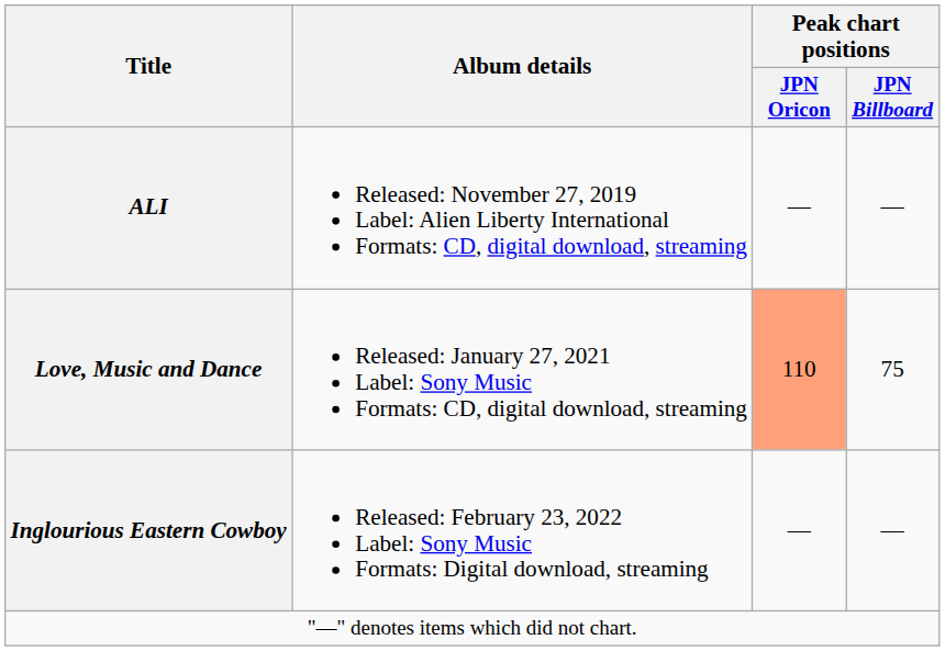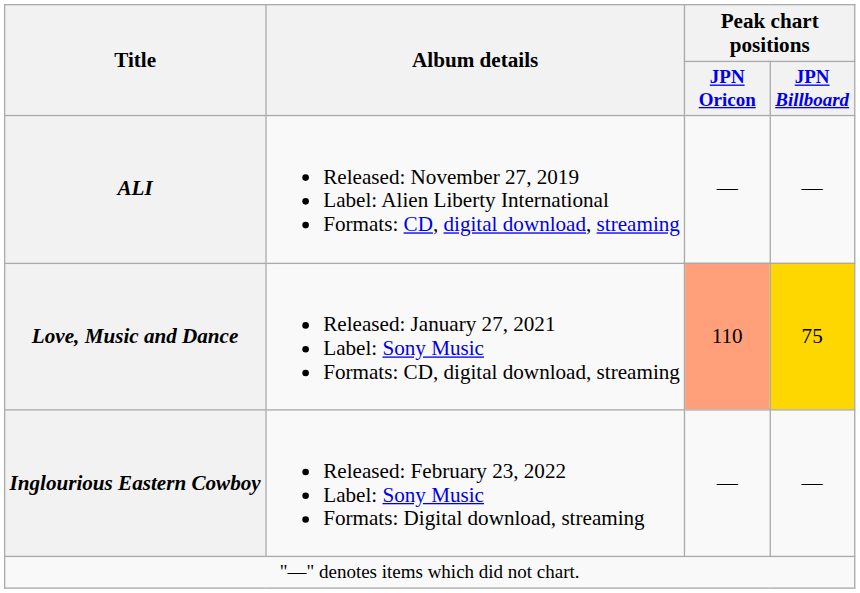 <table class="wikitable plainrowheaders">
 <tr>
 <th scope="col" rowspan="2">Title</th>
 <th scope="col" rowspan="2">Album details</th>
 <th scope="col" colspan="2">Peak chart positions</th>
 </tr>
 <tr>
 <th scope="col" style="width:4em;font-size:90%"><a href='#'>JPN<br>Oricon</a><br></th>
 <th scope="col" style="width:4em;font-size:90%"><a href='#'>JPN<br><em>Billboard</em></a><br></th>
 </tr>
 <tr>
 <th scope="row"><em>ALI</em></th>
 <td><br><ul><li>Released: November 27, 2019</li><li>Label: Alien Liberty International</li><li>Formats: <a href='#'>CD</a>, <a href='#'>digital download</a>, <a href='#'>streaming</a></li></ul></td>
 <td align="center">—</td>
 <td align="center">—</td>
 </tr>
 <tr>
 <th scope="row"><em>Love, Music and Dance</em></th>
 <td><br><ul><li>Released: January 27, 2021</li><li>Label: <a href='#'>Sony Music</a></li><li>Formats: CD, digital download, streaming</li></ul></td>
 <td align="center" style="background: lightsalmon;">110</td>
-<td align="center">75</td>
+<td align="center" style="background: gold;">75</td>
 </tr>
 <tr>
 <th scope="row"><em>Inglourious Eastern Cowboy</em></th>
 <td><br><ul><li>Released: February 23, 2022</li><li>Label: <a href='#'>Sony Music</a></li><li>Formats: Digital download, streaming</li></ul></td>
 <td align="center">—</td>
 <td align="center">—</td>
 </tr>
 <tr>
 <td colspan="5" align="center" style="font-size:90%;">"—" denotes items which did not chart.</td>
 </tr>
 </table>
